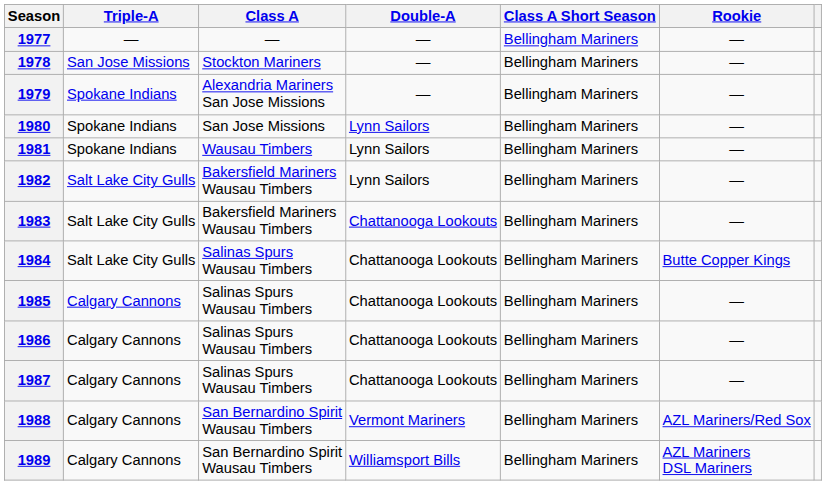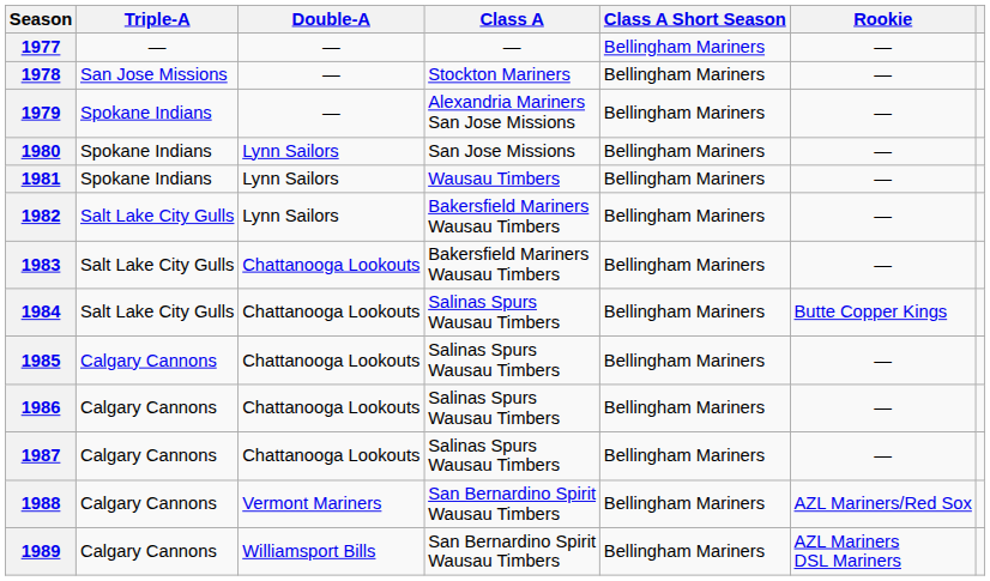 <table class="wikitable plainrowheaders">
 <tr>
 <th scope="col">Season</th>
 <th scope="col"><a href='#'><span>Triple-A</span></a></th>
+<th scope="col"><a href='#'><span>Double-A</span></a></th>
 <th scope="col"><a href='#'><span>Class A</span></a></th>
-<th scope="col"><a href='#'><span>Double-A</span></a></th>
 <th scope="col"><a href='#'><span>Class A Short Season</span></a></th>
 <th scope="col"><a href='#'><span>Rookie</span></a></th>
 <th scope="col"></th>
 </tr>
 <tr>
 <th scope="row" style="text-align:center"><a href='#'>1977</a></th>
 <td align="center">—</td>
 <td align="center">—</td>
 <td align="center">—</td>
 <td><a href='#'>Bellingham Mariners</a></td>
 <td align="center">—</td>
 <td align="center"></td>
 </tr>
 <tr>
 <th scope="row" style="text-align:center"><a href='#'>1978</a></th>
 <td><a href='#'>San Jose Missions</a></td>
+<td align="center">—</td>
 <td><a href='#'>Stockton Mariners</a></td>
-<td align="center">—</td>
 <td>Bellingham Mariners</td>
 <td align="center">—</td>
 <td align="center"></td>
 </tr>
 <tr>
 <th scope="row" style="text-align:center"><a href='#'>1979</a></th>
 <td><a href='#'>Spokane Indians</a></td>
+<td align="center">—</td>
 <td><a href='#'>Alexandria Mariners</a><br>San Jose Missions</td>
-<td align="center">—</td>
 <td>Bellingham Mariners</td>
 <td align="center">—</td>
 <td align="center"></td>
 </tr>
 <tr>
 <th scope="row" style="text-align:center"><a href='#'>1980</a></th>
 <td>Spokane Indians</td>
+<td><a href='#'>Lynn Sailors</a></td>
 <td>San Jose Missions</td>
-<td><a href='#'>Lynn Sailors</a></td>
 <td>Bellingham Mariners</td>
 <td align="center">—</td>
 <td align="center"></td>
 </tr>
 <tr>
 <th scope="row" style="text-align:center"><a href='#'>1981</a></th>
 <td>Spokane Indians</td>
+<td>Lynn Sailors</td>
 <td><a href='#'>Wausau Timbers</a></td>
-<td>Lynn Sailors</td>
 <td>Bellingham Mariners</td>
 <td align="center">—</td>
 <td align="center"></td>
 </tr>
 <tr>
 <th scope="row" style="text-align:center"><a href='#'>1982</a></th>
 <td><a href='#'>Salt Lake City Gulls</a></td>
+<td>Lynn Sailors</td>
 <td><a href='#'>Bakersfield Mariners</a><br>Wausau Timbers</td>
-<td>Lynn Sailors</td>
 <td>Bellingham Mariners</td>
 <td align="center">—</td>
 <td align="center"></td>
 </tr>
 <tr>
 <th scope="row" style="text-align:center"><a href='#'>1983</a></th>
 <td>Salt Lake City Gulls</td>
+<td><a href='#'>Chattanooga Lookouts</a></td>
 <td>Bakersfield Mariners<br>Wausau Timbers</td>
-<td><a href='#'>Chattanooga Lookouts</a></td>
 <td>Bellingham Mariners</td>
 <td align="center">—</td>
 <td align="center"></td>
 </tr>
 <tr>
 <th scope="row" style="text-align:center"><a href='#'>1984</a></th>
 <td>Salt Lake City Gulls</td>
+<td>Chattanooga Lookouts</td>
 <td><a href='#'>Salinas Spurs</a><br>Wausau Timbers</td>
-<td>Chattanooga Lookouts</td>
 <td>Bellingham Mariners</td>
 <td><a href='#'>Butte Copper Kings</a></td>
 <td align="center"></td>
 </tr>
 <tr>
 <th scope="row" style="text-align:center"><a href='#'>1985</a></th>
 <td><a href='#'>Calgary Cannons</a></td>
+<td>Chattanooga Lookouts</td>
 <td>Salinas Spurs<br>Wausau Timbers</td>
-<td>Chattanooga Lookouts</td>
 <td>Bellingham Mariners</td>
 <td align="center">—</td>
 <td align="center"></td>
 </tr>
 <tr>
 <th scope="row" style="text-align:center"><a href='#'>1986</a></th>
 <td>Calgary Cannons</td>
+<td>Chattanooga Lookouts</td>
 <td>Salinas Spurs<br>Wausau Timbers</td>
-<td>Chattanooga Lookouts</td>
 <td>Bellingham Mariners</td>
 <td align="center">—</td>
 <td align="center"></td>
 </tr>
 <tr>
 <th scope="row" style="text-align:center"><a href='#'>1987</a></th>
 <td>Calgary Cannons</td>
+<td>Chattanooga Lookouts</td>
 <td>Salinas Spurs<br>Wausau Timbers</td>
-<td>Chattanooga Lookouts</td>
 <td>Bellingham Mariners</td>
 <td align="center">—</td>
 <td align="center"></td>
 </tr>
 <tr>
 <th scope="row" style="text-align:center"><a href='#'>1988</a></th>
 <td>Calgary Cannons</td>
+<td><a href='#'>Vermont Mariners</a></td>
 <td><a href='#'>San Bernardino Spirit</a><br>Wausau Timbers</td>
-<td><a href='#'>Vermont Mariners</a></td>
 <td>Bellingham Mariners</td>
 <td><a href='#'>AZL Mariners/Red Sox</a></td>
 <td align="center"></td>
 </tr>
 <tr>
 <th scope="row" style="text-align:center"><a href='#'>1989</a></th>
 <td>Calgary Cannons</td>
+<td><a href='#'>Williamsport Bills</a></td>
 <td>San Bernardino Spirit<br>Wausau Timbers</td>
-<td><a href='#'>Williamsport Bills</a></td>
 <td>Bellingham Mariners</td>
 <td><a href='#'>AZL Mariners</a><br><a href='#'>DSL Mariners</a></td>
 <td align="center"></td>
 </tr>
 </table>
